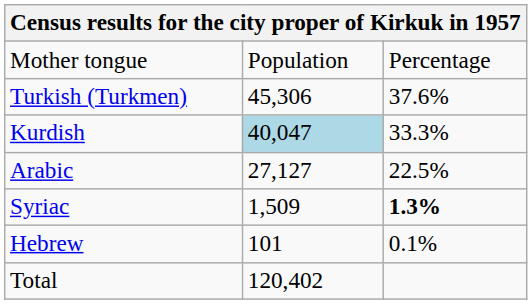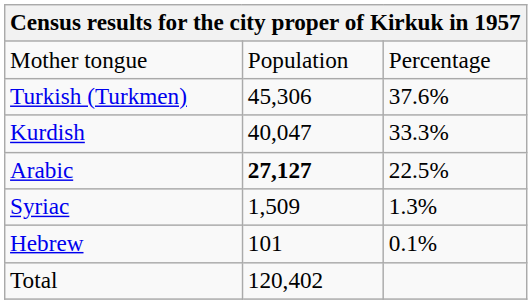 <table class="wikitable">
 <tr>
 <th colspan="3"><strong>Census results for the city proper of Kirkuk in 1957</strong></th>
 </tr>
 <tr>
 <td>Mother tongue</td>
 <td>Population</td>
 <td>Percentage</td>
 </tr>
 <tr>
 <td><a href='#'>Turkish (Turkmen)</a></td>
 <td>45,306</td>
 <td>37.6%</td>
 </tr>
 <tr>
 <td><a href='#'>Kurdish</a></td>
-<td style="background: lightblue;">40,047</td>
+<td>40,047</td>
 <td>33.3%</td>
 </tr>
 <tr>
 <td><a href='#'>Arabic</a></td>
-<td>27,127</td>
+<td><strong>27,127</strong></td>
 <td>22.5%</td>
 </tr>
 <tr>
 <td><a href='#'>Syriac</a></td>
 <td>1,509</td>
-<td><strong>1.3%</strong></td>
+<td>1.3%</td>
 </tr>
 <tr>
 <td><a href='#'>Hebrew</a></td>
 <td>101</td>
 <td>0.1%</td>
 </tr>
 <tr>
 <td>Total</td>
 <td>120,402</td>
 <td></td>
 </tr>
 </table>
